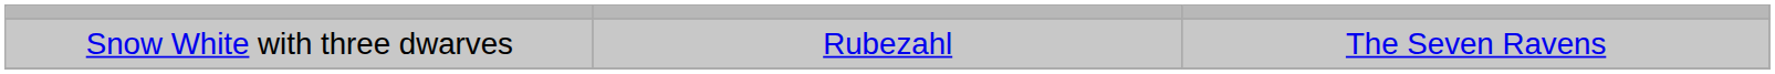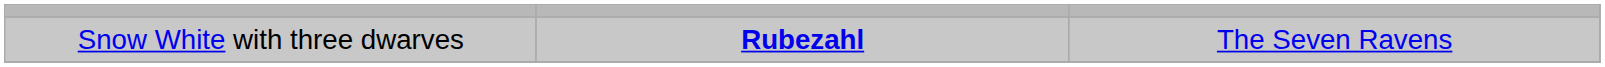 <table class="wikitable" style="text-align:center">
 <tr>
 <td width="25%" style="background:#B8B8B8"></td>
 <td width="25%" style="background:#B8B8B8"></td>
 <td width="25%" style="background:#B8B8B8"></td>
 </tr>
 <tr>
 <td style="background:#C8C8C8"><a href='#'>Snow White</a> with three dwarves</td>
-<td style="background:#C8C8C8"><a href='#'>Rubezahl</a></td>
+<td style="background:#C8C8C8"><strong><a href='#'>Rubezahl</a></strong></td>
 <td style="background:#C8C8C8"><a href='#'>The Seven Ravens</a></td>
 </tr>
 <tr>
 </tr>
 </table>
